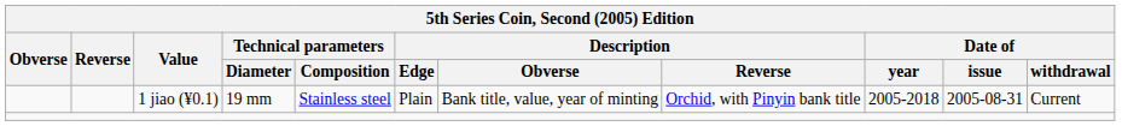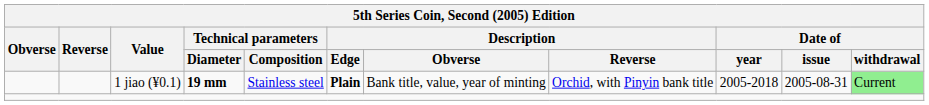 <table class="wikitable" style="font-size: 90%">
 <tr>
 <th colspan="11">5th Series Coin, Second (2005) Edition</th>
 </tr>
 <tr>
 <th rowspan="2">Obverse</th>
 <th rowspan="2">Reverse</th>
 <th rowspan="2">Value</th>
 <th colspan="2">Technical parameters</th>
 <th colspan="3">Description</th>
 <th colspan="3">Date of</th>
 </tr>
 <tr>
 <th>Diameter</th>
 <th>Composition</th>
 <th>Edge</th>
 <th>Obverse</th>
 <th>Reverse</th>
 <th>year</th>
 <th>issue</th>
 <th>withdrawal</th>
 </tr>
 <tr>
 <td></td>
 <td></td>
 <td>1 jiao (¥0.1)</td>
-<td>19 mm</td>
+<td><strong>19 mm</strong></td>
 <td><a href='#'>Stainless steel</a></td>
-<td>Plain</td>
+<td><strong>Plain</strong></td>
 <td>Bank title, value, year of minting</td>
 <td><a href='#'>Orchid</a>, with <a href='#'>Pinyin</a> bank title</td>
 <td>2005-2018</td>
 <td>2005-08-31</td>
-<td>Current</td>
+<td style="background: lightgreen;">Current</td>
 </tr>
 <tr>
 <td colspan="11"></td>
 </tr>
 </table>
